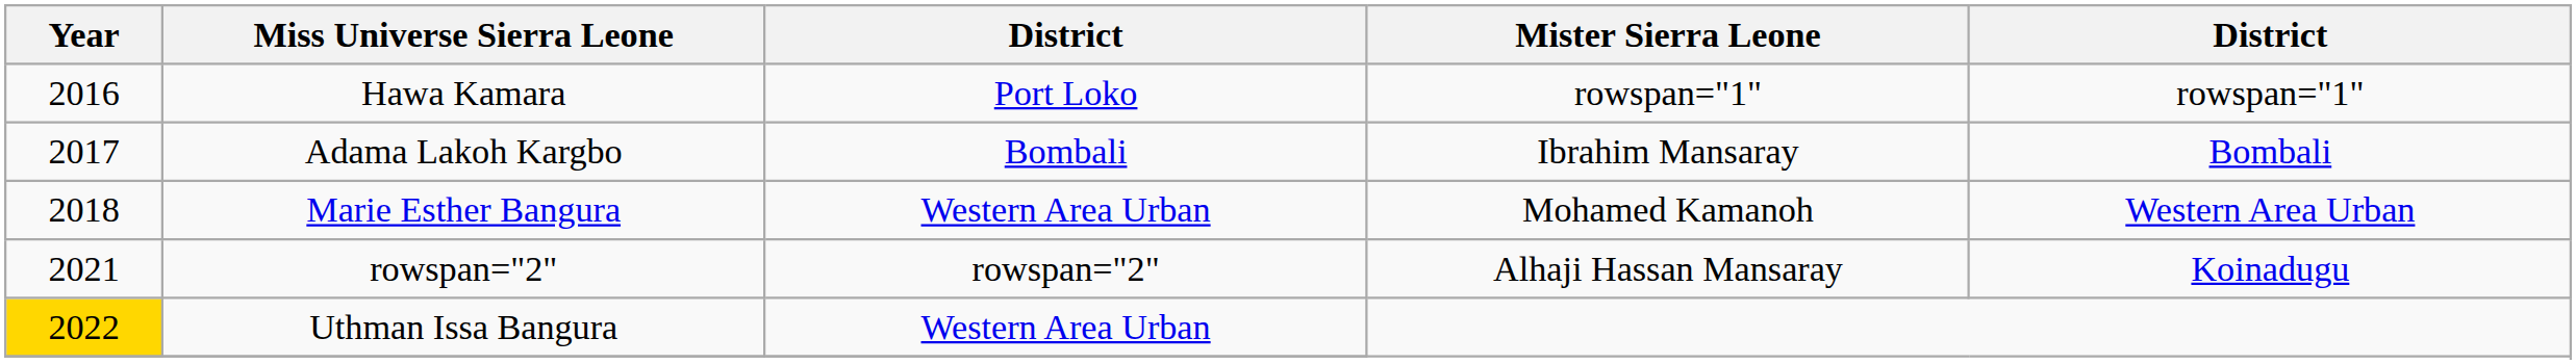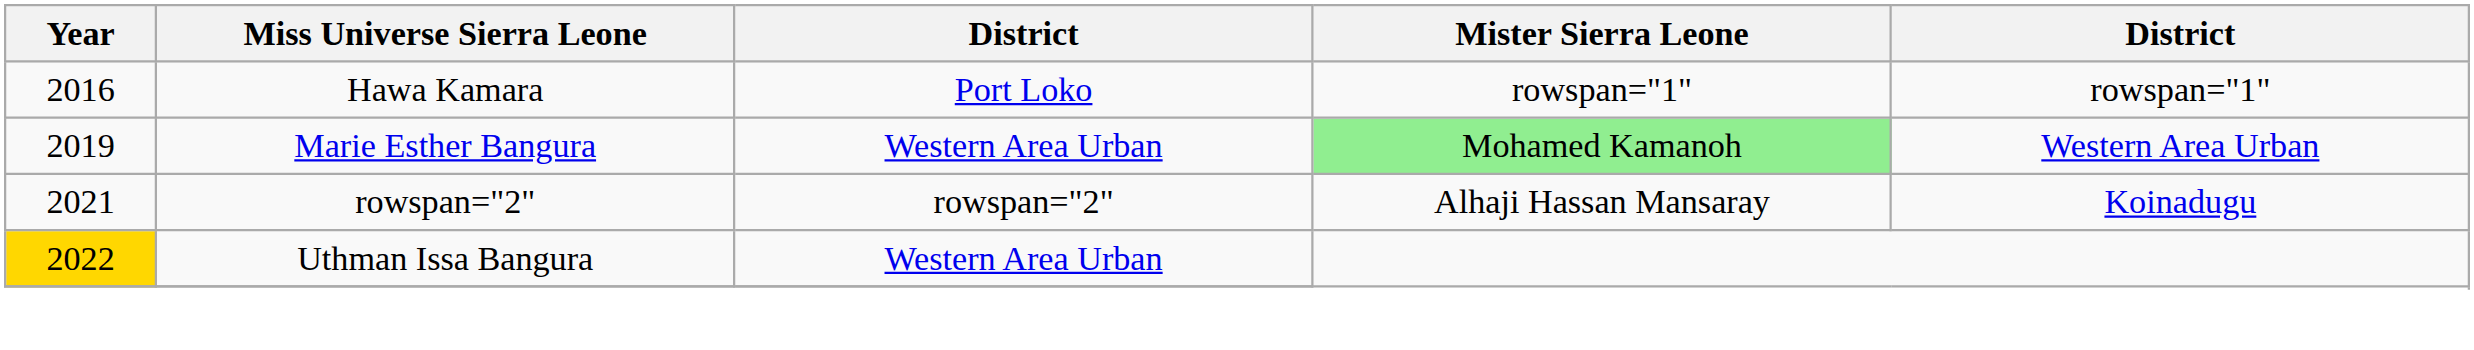 <table class="wikitable sortable" style="font-size: 95%; text-align:center">
 <tr>
 <th width="60">Year</th>
 <th width="250">Miss Universe Sierra Leone</th>
 <th width="250">District</th>
 <th width="250">Mister Sierra Leone</th>
 <th width="250">District</th>
 </tr>
 <tr>
 <td>2016</td>
 <td>Hawa Kamara</td>
 <td><a href='#'>Port Loko</a></td>
 <td>rowspan="1" </td>
 <td>rowspan="1" </td>
 </tr>
 <tr>
-<td>2017</td>
-<td>Adama Lakoh Kargbo</td>
-<td><a href='#'>Bombali</a></td>
-<td>Ibrahim Mansaray</td>
-<td><a href='#'>Bombali</a></td>
-</tr>
-<tr>
-<td>2018</td>
+<td>2019</td>
 <td><a href='#'>Marie Esther Bangura</a></td>
 <td><a href='#'>Western Area Urban</a></td>
-<td>Mohamed Kamanoh</td>
+<td style="background: lightgreen;">Mohamed Kamanoh</td>
 <td><a href='#'>Western Area Urban</a></td>
 </tr>
 <tr>
 <td>2021</td>
 <td>rowspan="2" </td>
 <td>rowspan="2" </td>
 <td>Alhaji Hassan Mansaray</td>
 <td><a href='#'>Koinadugu</a></td>
 </tr>
 <tr>
 <td style="background: gold;">2022</td>
 <td>Uthman Issa Bangura</td>
 <td><a href='#'>Western Area Urban</a></td>
 </tr>
 <tr>
 </tr>
 </table>
